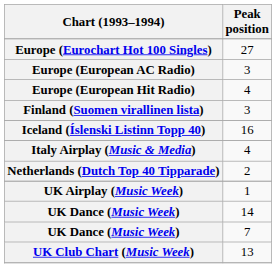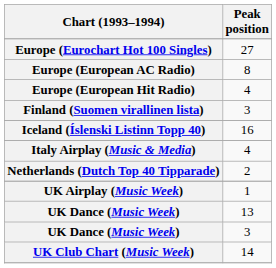 <table class="wikitable sortable plainrowheaders" style="text-align:center">
 <tr>
 <th scope="col">Chart (1993–1994)</th>
 <th scope="col">Peak<br>position</th>
 </tr>
 <tr>
 </tr>
 <tr>
 </tr>
 <tr>
 </tr>
 <tr>
 </tr>
 <tr>
 <th scope="row">Europe (<a href='#'>Eurochart Hot 100 Singles</a>)</th>
 <td>27</td>
 </tr>
 <tr>
 <th scope="row">Europe (European AC Radio)</th>
-<td>3</td>
+<td>8</td>
 </tr>
 <tr>
 <th scope="row">Europe (European Hit Radio)</th>
 <td>4</td>
 </tr>
 <tr>
 <th scope="row">Finland (<a href='#'>Suomen virallinen lista</a>)</th>
 <td>3</td>
 </tr>
 <tr>
 </tr>
 <tr>
 <th scope="row">Iceland (<a href='#'>Íslenski Listinn Topp 40</a>)</th>
 <td>16</td>
 </tr>
 <tr>
 </tr>
 <tr>
 <th scope="row">Italy Airplay (<em><a href='#'>Music & Media</a></em>)</th>
 <td>4</td>
 </tr>
 <tr>
 <th scope="row">Netherlands (<a href='#'>Dutch Top 40 Tipparade</a>)</th>
 <td>2</td>
 </tr>
 <tr>
 </tr>
 <tr>
 </tr>
 <tr>
 </tr>
 <tr>
 </tr>
 <tr>
 <th scope="row">UK Airplay (<em><a href='#'>Music Week</a></em>)</th>
 <td>1</td>
 </tr>
 <tr>
 <th scope="row">UK Dance (<em><a href='#'>Music Week</a></em>)</th>
-<td>14</td>
+<td>13</td>
 </tr>
 <tr>
 <th scope="row">UK Dance (<em><a href='#'>Music Week</a></em>)<br></th>
-<td>7</td>
+<td>3</td>
 </tr>
 <tr>
 <th scope="row"><a href='#'>UK Club Chart</a> (<em><a href='#'>Music Week</a></em>)</th>
-<td>13</td>
+<td>14</td>
 </tr>
 <tr>
 </tr>
 <tr>
 </tr>
 </table>
